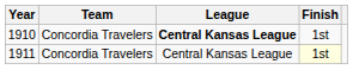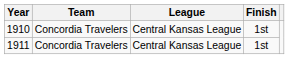 <table class="wikitable">
 <tr style="background: #F2F2F2;">
 <th>Year</th>
 <th>Team</th>
 <th>League</th>
 <th>Finish</th>
 <th></th>
 </tr>
 <tr align=center>
 <td>1910</td>
 <td>Concordia Travelers</td>
-<td><strong>Central Kansas League</strong></td>
+<td>Central Kansas League</td>
 <td>1st</td>
 </tr>
 <tr align=center>
 <td>1911</td>
 <td>Concordia Travelers</td>
 <td>Central Kansas League</td>
-<td style="background: lightyellow;">1st</td>
+<td>1st</td>
 </tr>
 </table>
